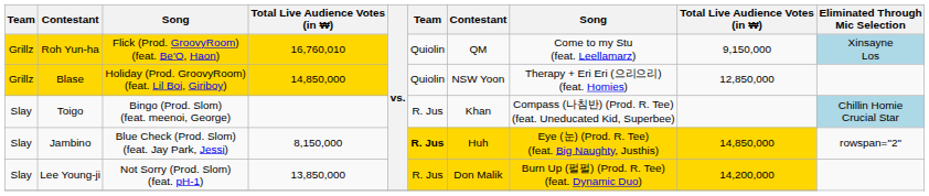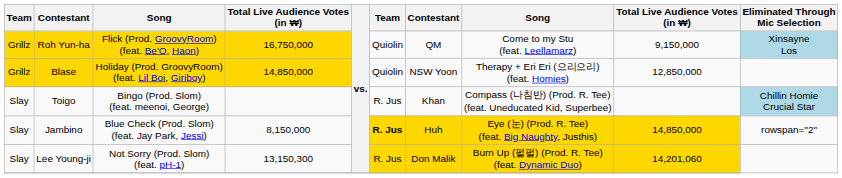 <table class="wikitable" style="text-align:center" border="2">
 <tr>
 <th>Team</th>
 <th>Contestant</th>
 <th>Song</th>
 <th>Total Live Audience Votes<br>(in ₩)</th>
 <th rowspan="6">vs.</th>
 <th>Team</th>
 <th>Contestant</th>
 <th>Song</th>
 <th>Total Live Audience Votes<br>(in ₩)</th>
 <th>Eliminated Through<br>Mic Selection</th>
 </tr>
 <tr>
 <td style="background:gold">Grillz</td>
 <td style="background:gold">Roh Yun-ha</td>
 <td style="background:gold">Flick (Prod. <a href='#'>GroovyRoom</a>)<br>(feat. <a href='#'>Be'O</a>, <a href='#'>Haon</a>)</td>
-<td style="background:gold">16,760,010</td>
+<td style="background:gold">16,750,000</td>
 <td>Quiolin</td>
 <td>QM</td>
 <td>Come to my Stu<br>(feat. <a href='#'>Leellamarz</a>)</td>
 <td>9,150,000</td>
 <td style="background:lightblue">Xinsayne<br>Los</td>
 </tr>
 <tr>
 <td style="background:gold">Grillz</td>
 <td style="background:gold">Blase</td>
 <td style="background:gold">Holiday (Prod. GroovyRoom)<br>(feat. <a href='#'>Lil Boi</a>, <a href='#'>Giriboy</a>)</td>
 <td style="background:gold">14,850,000</td>
 <td>Quiolin</td>
 <td>NSW Yoon</td>
 <td>Therapy + Eri Eri (으리으리)<br>(feat. <a href='#'>Homies</a>)</td>
 <td>12,850,000</td>
 <td></td>
 </tr>
 <tr>
 <td>Slay</td>
 <td>Toigo</td>
 <td>Bingo (Prod. Slom)<br>(feat. meenoi, George)</td>
 <td></td>
 <td>R. Jus</td>
 <td>Khan</td>
 <td>Compass (나침반) (Prod. R. Tee)<br>(feat. Uneducated Kid, Superbee)</td>
 <td></td>
 <td style="background:lightblue">Chillin Homie<br>Crucial Star</td>
 </tr>
 <tr>
 <td>Slay</td>
 <td>Jambino</td>
 <td>Blue Check (Prod. Slom)<br>(feat. Jay Park, <a href='#'>Jessi</a>)</td>
 <td>8,150,000</td>
 <td style="background:gold"><strong>R. Jus</strong></td>
 <td style="background:gold">Huh</td>
 <td style="background:gold">Eye (눈) (Prod. R. Tee)<br>(feat. <a href='#'>Big Naughty</a>, Justhis)</td>
 <td style="background:gold">14,850,000</td>
 <td>rowspan="2" </td>
 </tr>
 <tr>
 <td>Slay</td>
 <td>Lee Young-ji</td>
 <td>Not Sorry (Prod. Slom)<br>(feat. <a href='#'>pH-1</a>)</td>
-<td>13,850,000</td>
+<td>13,150,300</td>
 <td style="background:gold">R. Jus</td>
 <td style="background:gold">Don Malik</td>
 <td style="background:gold">Burn Up (펄펄) (Prod. R. Tee)<br>(feat. <a href='#'>Dynamic Duo</a>)</td>
-<td style="background:gold">14,200,000</td>
+<td style="background:gold">14,201,060</td>
 </tr>
 <tr>
 </tr>
 </table>
